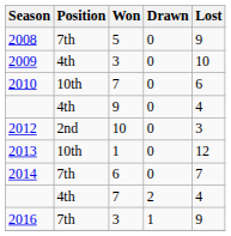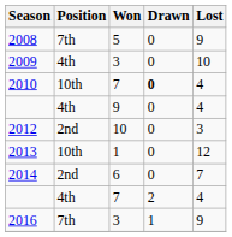 <table class="wikitable collapsible">
 <tr>
 <th>Season</th>
 <th>Position</th>
 <th>Won</th>
 <th>Drawn</th>
 <th>Lost</th>
 </tr>
 <tr>
 <td><a href='#'>2008</a></td>
 <td>7th</td>
 <td>5</td>
 <td>0</td>
 <td>9</td>
 </tr>
 <tr>
 <td><a href='#'>2009</a></td>
 <td>4th</td>
 <td>3</td>
 <td>0</td>
 <td>10</td>
 </tr>
 <tr>
 <td><a href='#'>2010</a></td>
 <td>10th</td>
 <td>7</td>
-<td>0</td>
-<td>6</td>
+<td><strong>0</strong></td>
+<td>4</td>
 </tr>
 <tr style="background-color:#">
 <td></td>
 <td>4th</td>
 <td>9</td>
 <td>0</td>
 <td>4</td>
 </tr>
 <tr>
 <td><a href='#'>2012</a></td>
 <td>2nd</td>
 <td>10</td>
 <td>0</td>
 <td>3</td>
 </tr>
 <tr>
 <td><a href='#'>2013</a></td>
 <td>10th</td>
 <td>1</td>
 <td>0</td>
 <td>12</td>
 </tr>
 <tr>
 <td><a href='#'>2014</a></td>
-<td>7th</td>
+<td>2nd</td>
 <td>6</td>
 <td>0</td>
 <td>7</td>
 </tr>
 <tr style="background-color:#">
 <td></td>
 <td>4th</td>
 <td>7</td>
 <td>2</td>
 <td>4</td>
 </tr>
 <tr>
 <td><a href='#'>2016</a></td>
 <td>7th</td>
 <td>3</td>
 <td>1</td>
 <td>9</td>
 </tr>
 <tr>
 </tr>
 </table>
